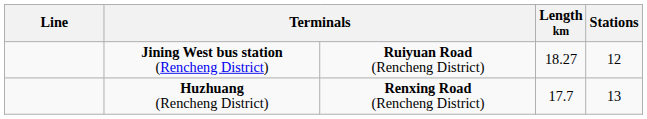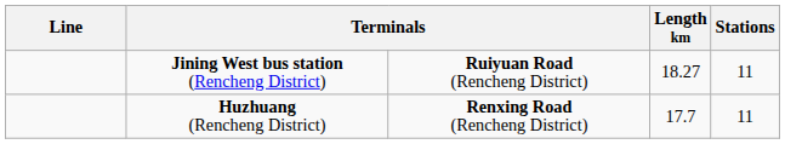 <table class="wikitable sortable" style="cell-padding:1.5; font-size:96%; text-align:center;">
 <tr>
 <th data-sort-type="text" style="width:100px;">Line</th>
 <th colspan="2" class="unsortable" style="width:400px; line-height:1.05">Terminals</th>
 <th style="line-height:1.05">Length<br><small>km</small></th>
 <th style="line-height:1.05">Stations</th>
 </tr>
 <tr>
 <td style="text-align:center; line-height:1.05"></td>
 <td style="text-align:center; width:225px; line-height:1.05"><strong>Jining West bus station</strong><br>(<a href='#'>Rencheng District</a>)</td>
 <td style="text-align:center; width:225px; line-height:1.05"><strong>Ruiyuan Road</strong><br>(Rencheng District)</td>
 <td style="text-align:center; line-height:1.05">18.27</td>
-<td style="text-align:center; line-height:1.05">12</td>
+<td style="text-align:center; line-height:1.05">11</td>
 </tr>
 <tr>
 <td></td>
 <td style="text-align:center; width:225px; line-height:1.05"><strong>Huzhuang</strong><br>(Rencheng District)</td>
 <td style="text-align:center; width:225px; line-height:1.05"><strong>Renxing Road</strong><br>(Rencheng District)</td>
 <td>17.7</td>
-<td>13</td>
+<td>11</td>
 </tr>
 </table>
